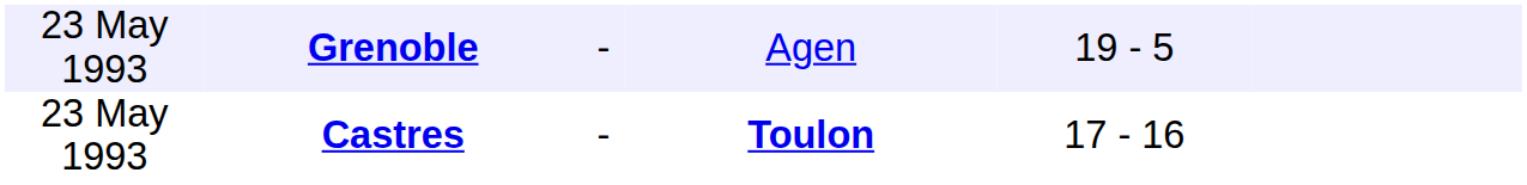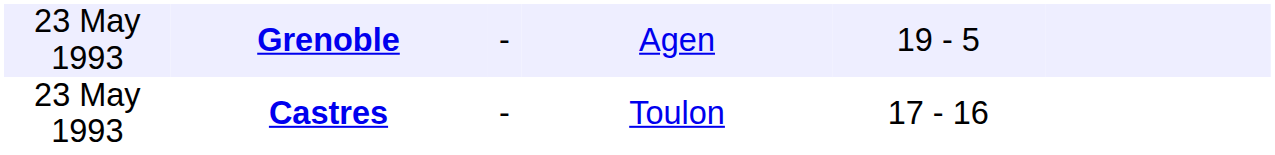 <table border=0 cellspacing=0 cellpadding=0>
 <tr align=center bgcolor=#EEEEFF>
 <td width=90>23 May 1993</td>
 <td width=170><strong><a href='#'>Grenoble</a></strong></td>
 <td width=20>-</td>
 <td width=170><a href='#'>Agen</a></td>
 <td width=120>19 - 5</td>
 <td width=130></td>
 </tr>
 <tr align=center bgcolor=#FFFFFF>
 <td width=90>23 May 1993</td>
 <td width=170><strong><a href='#'>Castres</a></strong></td>
 <td width=20>-</td>
-<td width=170><strong><a href='#'>Toulon</a></strong></td>
+<td width=170><a href='#'>Toulon</a></td>
 <td width=120>17 - 16</td>
 <td width=130></td>
 </tr>
 </table>
